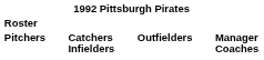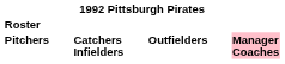 <table class="toccolours" style="font-size: 95%;">
 <tr>
 <th colspan="10">1992 Pittsburgh Pirates</th>
 </tr>
 <tr>
 <td colspan="10"><strong>Roster</strong></td>
 </tr>
 <tr>
 <td valign="top"><strong>Pitchers</strong><br>                    </td>
 <td width="25px"></td>
 <td valign="top"><strong>Catchers</strong><br>   <strong>Infielders</strong>         </td>
 <td width="25px"></td>
 <td valign="top"><strong>Outfielders</strong><br>         </td>
 <td width="25px"></td>
-<td valign="top"><strong>Manager</strong><br> <strong>Coaches</strong> </small> </small> </small> </small> </small> </small></td>
+<td valign="top" style="background: pink;"><strong>Manager</strong><br> <strong>Coaches</strong> </small> </small> </small> </small> </small> </small></td>
 </tr>
 </table>
